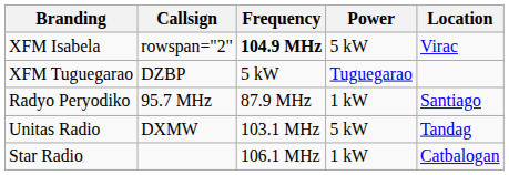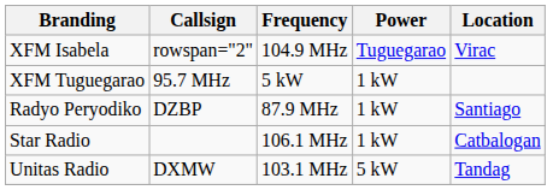 <table class="wikitable">
 <tr>
 <th>Branding</th>
 <th>Callsign</th>
 <th>Frequency</th>
 <th>Power</th>
 <th>Location</th>
 </tr>
 <tr>
 <td>XFM Isabela</td>
 <td>rowspan="2" </td>
-<td><strong>104.9 MHz</strong></td>
-<td>5 kW</td>
+<td>104.9 MHz</td>
+<td><a href='#'>Tuguegarao</a></td>
 <td><a href='#'>Virac</a></td>
 </tr>
 <tr>
 <td>XFM Tuguegarao</td>
-<td>DZBP</td>
+<td>95.7 MHz</td>
 <td>5 kW</td>
-<td><a href='#'>Tuguegarao</a></td>
+<td>1 kW</td>
 </tr>
 <tr>
 <td>Radyo Peryodiko</td>
-<td>95.7 MHz</td>
+<td>DZBP</td>
 <td>87.9 MHz</td>
 <td>1 kW</td>
 <td><a href='#'>Santiago</a></td>
+</tr>
+<tr>
+<td>Star Radio</td>
+<td></td>
+<td>106.1 MHz</td>
+<td>1 kW</td>
+<td><a href='#'>Catbalogan</a></td>
 </tr>
 <tr>
 <td>Unitas Radio</td>
 <td>DXMW</td>
 <td>103.1 MHz</td>
 <td>5 kW</td>
 <td><a href='#'>Tandag</a></td>
 </tr>
 <tr>
-<td>Star Radio</td>
-<td></td>
-<td>106.1 MHz</td>
-<td>1 kW</td>
-<td><a href='#'>Catbalogan</a></td>
-</tr>
-<tr>
 </tr>
 </table>
